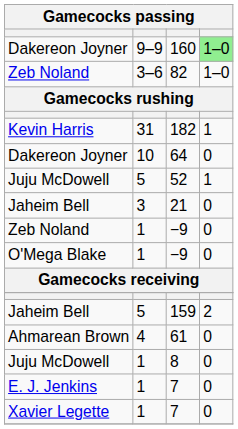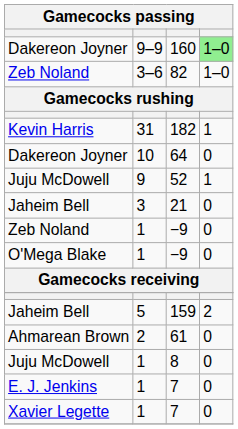 <table class="wikitable plainrowheaders">
 <tr>
 <th colspan="6">Gamecocks passing</th>
 </tr>
 <tr>
 <th scope="col"></th>
 <th scope="col"></th>
 <th scope="col"></th>
 <th scope="col"></th>
 </tr>
 <tr>
 <td>Dakereon Joyner</td>
 <td>9–9</td>
 <td>160</td>
 <td style="background: lightgreen;">1–0</td>
 </tr>
 <tr>
 <td><a href='#'>Zeb Noland</a></td>
 <td>3–6</td>
 <td>82</td>
 <td>1–0</td>
 </tr>
 <tr>
 <th colspan="6">Gamecocks rushing</th>
 </tr>
 <tr>
 <th scope="col"></th>
 <th scope="col"></th>
 <th scope="col"></th>
 <th scope="col"></th>
 </tr>
 <tr>
 <td><a href='#'>Kevin Harris</a></td>
 <td>31</td>
 <td>182</td>
 <td>1</td>
 </tr>
 <tr>
 <td>Dakereon Joyner</td>
 <td>10</td>
 <td>64</td>
 <td>0</td>
 </tr>
 <tr>
 <td>Juju McDowell</td>
-<td>5</td>
+<td>9</td>
 <td>52</td>
 <td>1</td>
 </tr>
 <tr>
 <td>Jaheim Bell</td>
 <td>3</td>
 <td>21</td>
 <td>0</td>
 </tr>
 <tr>
 <td>Zeb Noland</td>
 <td>1</td>
 <td>−9</td>
 <td>0</td>
 </tr>
 <tr>
 <td>O'Mega Blake</td>
 <td>1</td>
 <td>−9</td>
 <td>0</td>
 </tr>
 <tr>
 <th colspan="6">Gamecocks receiving</th>
 </tr>
 <tr>
 </tr>
 <tr>
 <th scope="col"></th>
 <th scope="col"></th>
 <th scope="col"></th>
 <th scope="col"></th>
 </tr>
 <tr>
 <td>Jaheim Bell</td>
 <td>5</td>
 <td>159</td>
 <td>2</td>
 </tr>
 <tr>
 <td>Ahmarean Brown</td>
-<td>4</td>
+<td>2</td>
 <td>61</td>
 <td>0</td>
 </tr>
 <tr>
 <td>Juju McDowell</td>
 <td>1</td>
 <td>8</td>
 <td>0</td>
 </tr>
 <tr>
 <td><a href='#'>E. J. Jenkins</a></td>
 <td>1</td>
 <td>7</td>
 <td>0</td>
 </tr>
 <tr>
 <td><a href='#'>Xavier Legette</a></td>
 <td>1</td>
 <td>7</td>
 <td>0</td>
 </tr>
 <tr>
 </tr>
 </table>
